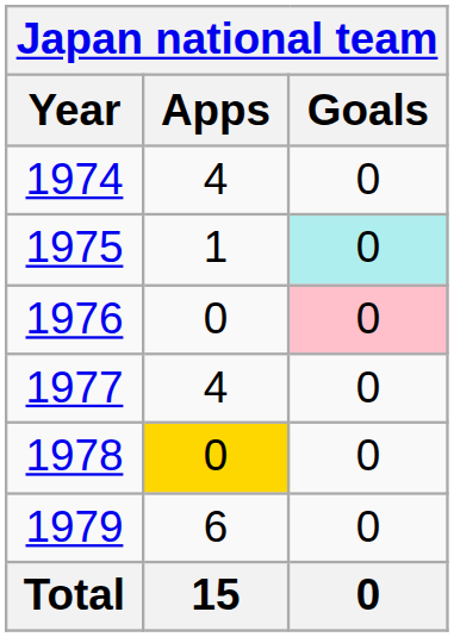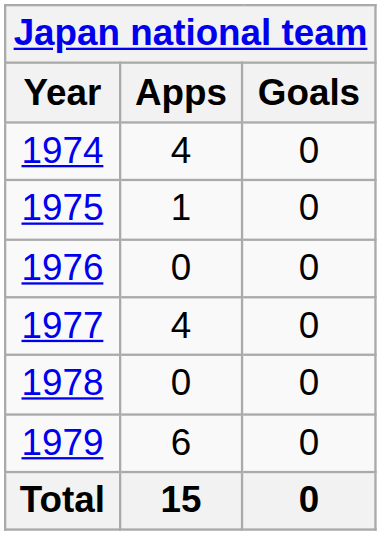 <table class="wikitable" style="text-align:center">
 <tr>
 <th colspan=3><a href='#'>Japan national team</a></th>
 </tr>
 <tr>
 <th>Year</th>
 <th>Apps</th>
 <th>Goals</th>
 </tr>
 <tr>
 <td><a href='#'>1974</a></td>
 <td>4</td>
 <td>0</td>
 </tr>
 <tr>
 <td><a href='#'>1975</a></td>
 <td>1</td>
-<td style="background: paleturquoise;">0</td>
+<td>0</td>
 </tr>
 <tr>
 <td><a href='#'>1976</a></td>
 <td>0</td>
-<td style="background: pink;">0</td>
+<td>0</td>
 </tr>
 <tr>
 <td><a href='#'>1977</a></td>
 <td>4</td>
 <td>0</td>
 </tr>
 <tr>
 <td><a href='#'>1978</a></td>
-<td style="background: gold;">0</td>
+<td>0</td>
 <td>0</td>
 </tr>
 <tr>
 <td><a href='#'>1979</a></td>
 <td>6</td>
 <td>0</td>
 </tr>
 <tr>
 <th>Total</th>
 <th>15</th>
 <th>0</th>
 </tr>
 </table>
